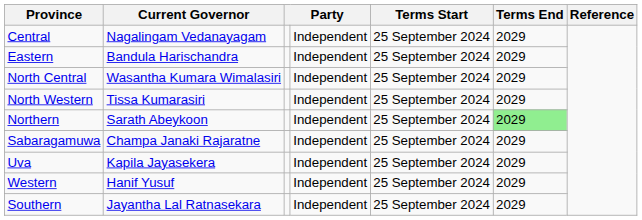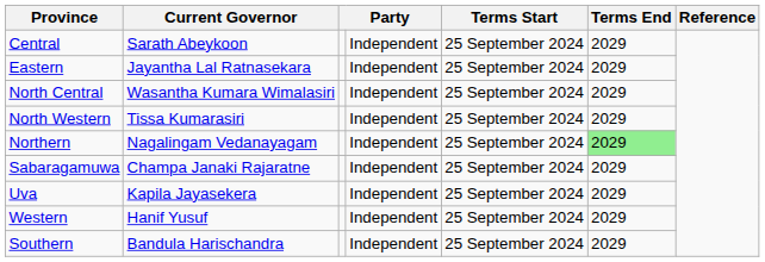 <table class="wikitable">
 <tr>
 <th>Province</th>
 <th>Current Governor</th>
 <th colspan="2">Party</th>
 <th>Terms Start</th>
 <th>Terms End</th>
 <th>Reference</th>
 </tr>
 <tr>
 <td><a href='#'>Central</a></td>
-<td><a href='#'>Nagalingam Vedanayagam</a></td>
+<td><a href='#'>Sarath Abeykoon</a></td>
 <td style="background:"></td>
 <td>Independent</td>
 <td>25 September 2024</td>
 <td>2029</td>
 <td rowspan="9"></td>
 </tr>
 <tr>
 <td><a href='#'>Eastern</a></td>
-<td><a href='#'>Bandula Harischandra</a></td>
+<td><a href='#'>Jayantha Lal Ratnasekara</a></td>
 <td style="background:"></td>
 <td>Independent</td>
 <td>25 September 2024</td>
 <td>2029</td>
 </tr>
 <tr>
 <td><a href='#'>North Central</a></td>
 <td><a href='#'>Wasantha Kumara Wimalasiri</a></td>
 <td style="background:"></td>
 <td>Independent</td>
 <td>25 September 2024</td>
 <td>2029</td>
 </tr>
 <tr>
 <td><a href='#'>North Western</a></td>
 <td><a href='#'>Tissa Kumarasiri</a></td>
 <td style="background:"></td>
 <td>Independent</td>
 <td>25 September 2024</td>
 <td>2029</td>
 </tr>
 <tr>
 <td><a href='#'>Northern</a></td>
-<td><a href='#'>Sarath Abeykoon</a></td>
+<td><a href='#'>Nagalingam Vedanayagam</a></td>
 <td style="background:"></td>
 <td>Independent</td>
 <td>25 September 2024</td>
 <td style="background: lightgreen;">2029</td>
 </tr>
 <tr>
 <td><a href='#'>Sabaragamuwa</a></td>
 <td><a href='#'>Champa Janaki Rajaratne</a></td>
 <td style="background:"></td>
 <td>Independent</td>
 <td>25 September 2024</td>
 <td>2029</td>
 </tr>
 <tr>
 <td><a href='#'>Uva</a></td>
 <td><a href='#'>Kapila Jayasekera</a></td>
 <td style="background:"></td>
 <td>Independent</td>
 <td>25 September 2024</td>
 <td>2029</td>
 </tr>
 <tr>
 <td><a href='#'>Western</a></td>
 <td><a href='#'>Hanif Yusuf</a></td>
 <td style="background:"></td>
 <td>Independent</td>
 <td>25 September 2024</td>
 <td>2029</td>
 </tr>
 <tr>
 <td><a href='#'>Southern</a></td>
-<td><a href='#'>Jayantha Lal Ratnasekara</a></td>
+<td><a href='#'>Bandula Harischandra</a></td>
 <td style="background:"></td>
 <td>Independent</td>
 <td>25 September 2024</td>
 <td>2029</td>
 </tr>
 </table>
